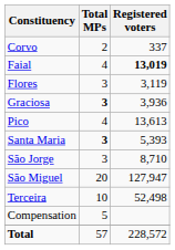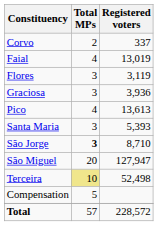 <table class="wikitable sortable" style="text-align:right">
 <tr>
 <th>Constituency</th>
 <th>Total <br>MPs</th>
 <th>Registered<br>voters</th>
 </tr>
 <tr>
 <td align="left"><a href='#'>Corvo</a></td>
 <td>2</td>
 <td>337</td>
 </tr>
 <tr>
 <td align="left"><a href='#'>Faial</a></td>
 <td>4</td>
-<td><strong>13,019</strong></td>
+<td>13,019</td>
 </tr>
 <tr>
 <td align="left"><a href='#'>Flores</a></td>
 <td>3</td>
 <td>3,119</td>
 </tr>
 <tr>
 <td align="left"><a href='#'>Graciosa</a></td>
-<td><strong>3</strong></td>
+<td>3</td>
 <td>3,936</td>
 </tr>
 <tr>
 <td align="left"><a href='#'>Pico</a></td>
 <td>4</td>
 <td>13,613</td>
 </tr>
 <tr>
 <td align="left"><a href='#'>Santa Maria</a></td>
-<td><strong>3</strong></td>
+<td>3</td>
 <td>5,393</td>
 </tr>
 <tr>
 <td align="left"><a href='#'>São Jorge</a></td>
-<td>3</td>
+<td><strong>3</strong></td>
 <td>8,710</td>
 </tr>
 <tr>
 <td align="left"><a href='#'>São Miguel</a></td>
 <td>20</td>
 <td>127,947</td>
 </tr>
 <tr>
 <td align="left"><a href='#'>Terceira</a></td>
-<td>10</td>
+<td style="background: khaki;">10</td>
 <td>52,498</td>
 </tr>
 <tr>
 <td align="left">Compensation</td>
 <td>5</td>
 <td></td>
 </tr>
 <tr>
 </tr>
 <tr>
 <td align="left"><strong>Total</strong></td>
 <td>57</td>
 <td>228,572</td>
 </tr>
 </table>
